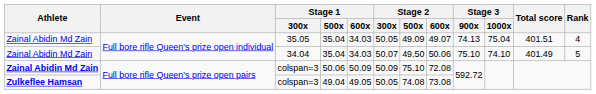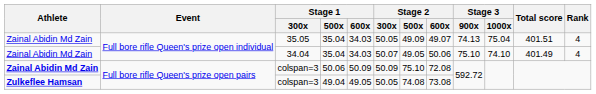 <table class="wikitable" style="font-size:90%;">
 <tr>
 <th rowspan=2>Athlete</th>
 <th rowspan=2>Event</th>
 <th colspan=3>Stage 1</th>
 <th colspan=3>Stage 2</th>
 <th colspan=2>Stage 3</th>
 <th rowspan=2>Total score</th>
 <th rowspan=2>Rank</th>
 </tr>
 <tr>
 <th>300x</th>
 <th>500x</th>
 <th>600x</th>
 <th>300x</th>
 <th>500x</th>
 <th>600x</th>
 <th>900x</th>
 <th>1000x</th>
 </tr>
 <tr align=center>
 <td align=left><a href='#'>Zainal Abidin Md Zain</a></td>
 <td align=left rowspan=2><a href='#'>Full bore rifle Queen's prize open individual</a></td>
 <td>35.05</td>
 <td>35.04</td>
 <td>34.03</td>
 <td>50.05</td>
 <td>49.09</td>
 <td>49.07</td>
 <td>74.13</td>
 <td>75.04</td>
 <td>401.51</td>
 <td>4</td>
 </tr>
 <tr align=center>
 <td align=left><a href='#'>Zainal Abidin Md Zain</a></td>
 <td>34.04</td>
 <td>35.04</td>
 <td>34.03</td>
 <td>50.07</td>
-<td>49.50</td>
+<td>49.05</td>
 <td>50.06</td>
 <td>75.10</td>
 <td>74.10</td>
 <td>401.49</td>
-<td>5</td>
+<td>4</td>
 </tr>
 <tr align=center>
 <td align=left><strong><a href='#'>Zainal Abidin Md Zain</a></strong></td>
 <td align=left rowspan=2><a href='#'>Full bore rifle Queen's prize open pairs</a></td>
 <td>colspan=3 </td>
 <td>50.06</td>
 <td>50.09</td>
 <td>50.09</td>
 <td>75.10</td>
 <td>72.08</td>
 <td rowspan=2>592.72</td>
 <td rowspan=2></td>
 </tr>
 <tr align=center>
 <td align=left><strong><a href='#'>Zulkeflee Hamsan</a></strong></td>
 <td>colspan=3 </td>
 <td>49.04</td>
 <td>49.05</td>
 <td>50.05</td>
 <td>74.08</td>
 <td>73.08</td>
 </tr>
 </table>
